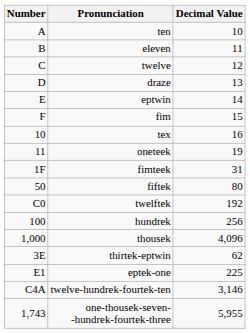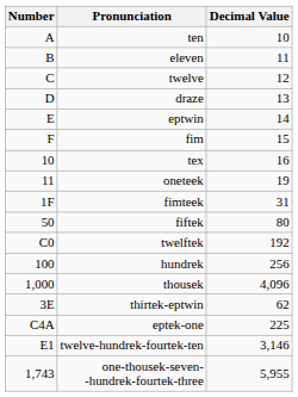 <table class="wikitable" style="display: inline-table; margin-right: 50px;; text-align:right;">
 <tr>
 <th>Number</th>
 <th>Pronunciation</th>
 <th>Decimal Value</th>
 </tr>
 <tr>
 <td>A</td>
 <td>ten</td>
 <td>10</td>
 </tr>
 <tr>
 <td>B</td>
 <td>eleven</td>
 <td>11</td>
 </tr>
 <tr>
 <td>C</td>
 <td>twelve</td>
 <td>12</td>
 </tr>
 <tr>
 <td>D</td>
 <td>draze</td>
 <td>13</td>
 </tr>
 <tr>
 <td>E</td>
 <td>eptwin</td>
 <td>14</td>
 </tr>
 <tr>
 <td>F</td>
 <td>fim</td>
 <td>15</td>
 </tr>
 <tr>
 <td>10</td>
 <td>tex</td>
 <td>16</td>
 </tr>
 <tr>
 <td>11</td>
 <td>oneteek</td>
 <td>19</td>
 </tr>
 <tr>
 <td>1F</td>
 <td>fimteek</td>
 <td>31</td>
 </tr>
 <tr>
 <td>50</td>
 <td>fiftek</td>
 <td>80</td>
 </tr>
 <tr>
 <td>C0</td>
 <td>twelftek</td>
 <td>192</td>
 </tr>
 <tr>
 <td>100</td>
 <td>hundrek</td>
 <td>256</td>
 </tr>
 <tr>
 <td>1,000</td>
 <td>thousek</td>
 <td>4,096</td>
 </tr>
 <tr>
 <td>3E</td>
 <td>thirtek-eptwin</td>
 <td>62</td>
 </tr>
 <tr>
-<td>E1</td>
+<td>C4A</td>
 <td>eptek-one</td>
 <td>225</td>
 </tr>
 <tr>
-<td>C4A</td>
+<td>E1</td>
 <td>twelve-hundrek-fourtek-ten</td>
 <td>3,146</td>
 </tr>
 <tr>
 <td>1,743</td>
 <td>one-thousek-seven-<br>-hundrek-fourtek-three</td>
 <td>5,955</td>
 </tr>
 </table>
